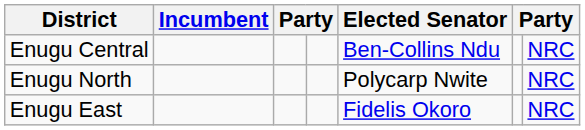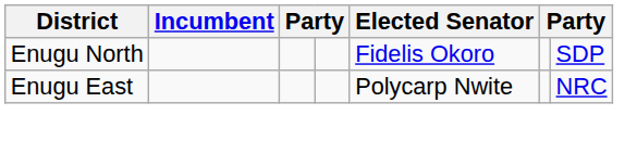 <table class="sortable wikitable" style="font-size:95%;line-height:14px;">
 <tr>
 <th class="unsortable">District</th>
 <th class="unsortable"><a href='#'>Incumbent</a></th>
 <th colspan="2">Party</th>
 <th class="unsortable">Elected Senator</th>
 <th colspan="2">Party</th>
 </tr>
 <tr>
-<td>Enugu Central</td>
+<td>Enugu North</td>
 <td></td>
 <td></td>
 <td></td>
-<td><a href='#'>Ben-Collins Ndu</a></td>
+<td><a href='#'>Fidelis Okoro</a></td>
 <td style="background:"></td>
-<td><a href='#'>NRC</a></td>
+<td><a href='#'>SDP</a></td>
 </tr>
 <tr>
-<td>Enugu North</td>
+<td>Enugu East</td>
 <td></td>
 <td></td>
 <td></td>
 <td>Polycarp Nwite</td>
 <td style="background:"></td>
 <td><a href='#'>NRC</a></td>
 </tr>
-<tr>
-<td>Enugu East</td>
-<td></td>
-<td></td>
-<td></td>
-<td><a href='#'>Fidelis Okoro</a></td>
-<td style="background:"></td>
-<td><a href='#'>NRC</a></td>
-</tr>
 </table>
